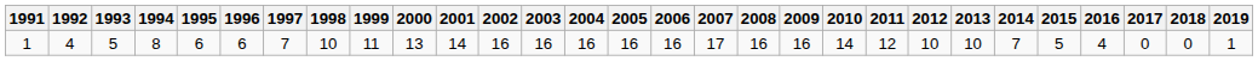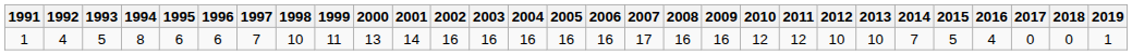 <table style="text-align: center; font-size:95%;" class="wikitable">
 <tr>
 <th>1991</th>
 <th>1992</th>
 <th>1993</th>
 <th>1994</th>
 <th>1995</th>
 <th>1996</th>
 <th>1997</th>
 <th>1998</th>
 <th>1999</th>
 <th>2000</th>
 <th>2001</th>
 <th>2002</th>
 <th>2003</th>
 <th>2004</th>
 <th>2005</th>
 <th>2006</th>
 <th>2007</th>
 <th>2008</th>
 <th>2009</th>
 <th>2010</th>
 <th>2011</th>
 <th>2012</th>
 <th>2013</th>
 <th>2014</th>
 <th>2015</th>
 <th>2016</th>
 <th>2017</th>
 <th>2018</th>
 <th>2019</th>
 </tr>
 <tr>
 <td>1</td>
 <td>4</td>
 <td>5</td>
 <td>8</td>
 <td>6</td>
 <td>6</td>
 <td>7</td>
 <td>10</td>
 <td>11</td>
 <td>13</td>
 <td>14</td>
 <td>16</td>
 <td>16</td>
 <td>16</td>
 <td>16</td>
 <td>16</td>
 <td>17</td>
 <td>16</td>
 <td>16</td>
-<td>14</td>
+<td>12</td>
 <td>12</td>
 <td>10</td>
 <td>10</td>
 <td>7</td>
 <td>5</td>
 <td>4</td>
 <td>0</td>
 <td>0</td>
 <td>1</td>
 </tr>
 </table>
